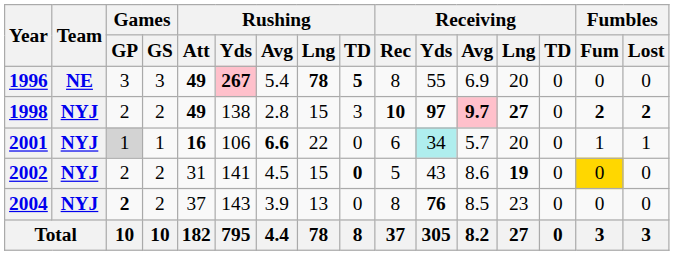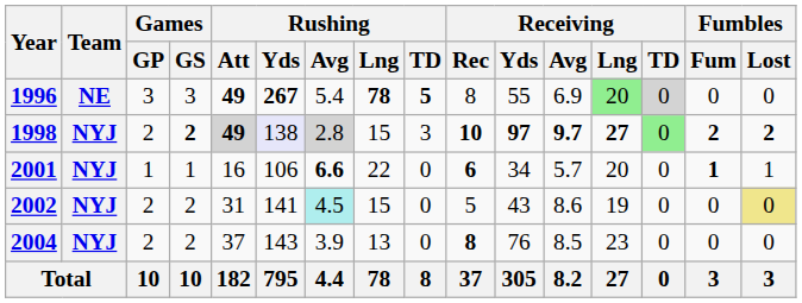 <table class="wikitable" style="text-align:center;">
 <tr>
 <th rowspan="2">Year</th>
 <th rowspan="2">Team</th>
 <th colspan="2">Games</th>
 <th colspan="5">Rushing</th>
 <th colspan="5">Receiving</th>
 <th colspan="2">Fumbles</th>
 </tr>
 <tr>
 <th>GP</th>
 <th>GS</th>
 <th>Att</th>
 <th>Yds</th>
 <th>Avg</th>
 <th>Lng</th>
 <th>TD</th>
 <th>Rec</th>
 <th>Yds</th>
 <th>Avg</th>
 <th>Lng</th>
 <th>TD</th>
 <th>Fum</th>
 <th>Lost</th>
 </tr>
 <tr>
 <th><a href='#'>1996</a></th>
 <th><a href='#'>NE</a></th>
 <td>3</td>
 <td>3</td>
 <td><strong>49</strong></td>
-<td style="background: pink;"><strong>267</strong></td>
+<td><strong>267</strong></td>
 <td>5.4</td>
 <td><strong>78</strong></td>
 <td><strong>5</strong></td>
 <td>8</td>
 <td>55</td>
 <td>6.9</td>
-<td>20</td>
-<td>0</td>
+<td style="background: lightgreen;">20</td>
+<td style="background: lightgrey;">0</td>
 <td>0</td>
 <td>0</td>
 </tr>
 <tr>
 <th><a href='#'>1998</a></th>
 <th><a href='#'>NYJ</a></th>
 <td>2</td>
-<td>2</td>
-<td><strong>49</strong></td>
-<td>138</td>
-<td>2.8</td>
+<td><strong>2</strong></td>
+<td style="background: lightgrey;"><strong>49</strong></td>
+<td style="background: lavender;">138</td>
+<td style="background: lightgrey;">2.8</td>
 <td>15</td>
 <td>3</td>
 <td><strong>10</strong></td>
 <td><strong>97</strong></td>
-<td style="background: pink;"><strong>9.7</strong></td>
+<td><strong>9.7</strong></td>
 <td><strong>27</strong></td>
-<td>0</td>
+<td style="background: lightgreen;">0</td>
 <td><strong>2</strong></td>
 <td><strong>2</strong></td>
 </tr>
 <tr>
 <th><a href='#'>2001</a></th>
 <th><a href='#'>NYJ</a></th>
-<td style="background: lightgrey;">1</td>
 <td>1</td>
-<td><strong>16</strong></td>
+<td>1</td>
+<td>16</td>
 <td>106</td>
 <td><strong>6.6</strong></td>
 <td>22</td>
 <td>0</td>
-<td>6</td>
-<td style="background: paleturquoise;">34</td>
+<td><strong>6</strong></td>
+<td>34</td>
 <td>5.7</td>
 <td>20</td>
 <td>0</td>
-<td>1</td>
+<td><strong>1</strong></td>
 <td>1</td>
 </tr>
 <tr>
 <th><a href='#'>2002</a></th>
 <th><a href='#'>NYJ</a></th>
 <td>2</td>
 <td>2</td>
 <td>31</td>
 <td>141</td>
-<td>4.5</td>
+<td style="background: paleturquoise;">4.5</td>
 <td>15</td>
-<td><strong>0</strong></td>
+<td>0</td>
 <td>5</td>
 <td>43</td>
 <td>8.6</td>
-<td><strong>19</strong></td>
+<td>19</td>
 <td>0</td>
-<td style="background: gold;">0</td>
 <td>0</td>
+<td style="background: khaki;">0</td>
 </tr>
 <tr>
 <th><a href='#'>2004</a></th>
 <th><a href='#'>NYJ</a></th>
-<td><strong>2</strong></td>
+<td>2</td>
 <td>2</td>
 <td>37</td>
 <td>143</td>
 <td>3.9</td>
 <td>13</td>
 <td>0</td>
-<td>8</td>
-<td><strong>76</strong></td>
+<td><strong>8</strong></td>
+<td>76</td>
 <td>8.5</td>
 <td>23</td>
 <td>0</td>
 <td>0</td>
 <td>0</td>
 </tr>
 <tr>
 <th colspan="2">Total</th>
 <th>10</th>
 <th>10</th>
 <th>182</th>
 <th>795</th>
 <th>4.4</th>
 <th>78</th>
 <th>8</th>
 <th>37</th>
 <th>305</th>
 <th>8.2</th>
 <th>27</th>
 <th>0</th>
 <th>3</th>
 <th>3</th>
 </tr>
 </table>
